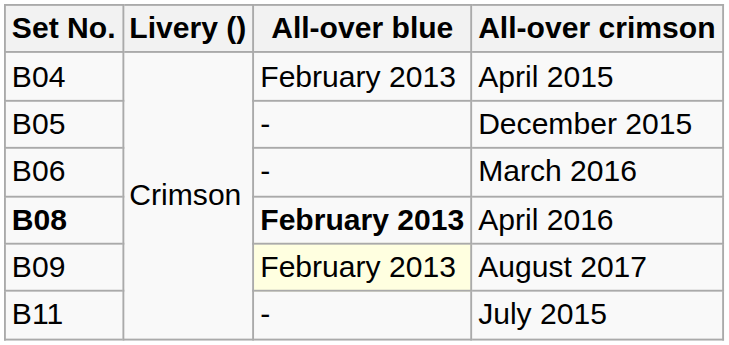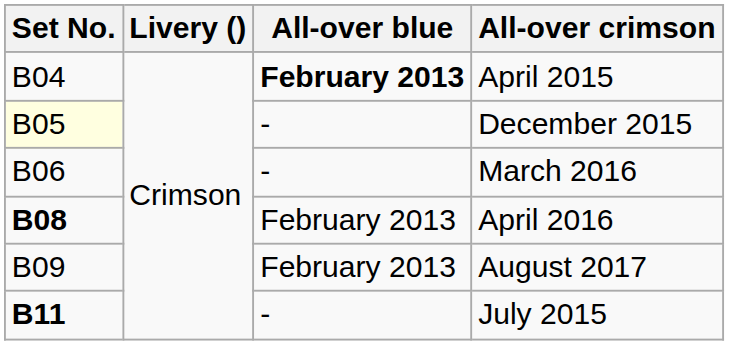 <table class="wikitable">
 <tr>
 <th>Set No.</th>
 <th>Livery ()</th>
 <th>All-over blue</th>
 <th>All-over crimson</th>
 </tr>
 <tr>
 <td>B04</td>
 <td rowspan="6"> Crimson</td>
-<td>February 2013</td>
+<td><strong>February 2013</strong></td>
 <td>April 2015</td>
 </tr>
 <tr>
-<td>B05</td>
+<td style="background: lightyellow;">B05</td>
 <td>-</td>
 <td>December 2015</td>
 </tr>
 <tr>
 <td>B06</td>
 <td>-</td>
 <td>March 2016</td>
 </tr>
 <tr>
 <td><strong>B08</strong></td>
-<td><strong>February 2013</strong></td>
+<td>February 2013</td>
 <td>April 2016</td>
 </tr>
 <tr>
 <td>B09</td>
-<td style="background: lightyellow;">February 2013</td>
+<td>February 2013</td>
 <td>August 2017</td>
 </tr>
 <tr>
-<td>B11</td>
+<td><strong>B11</strong></td>
 <td>-</td>
 <td>July 2015</td>
 </tr>
 </table>
